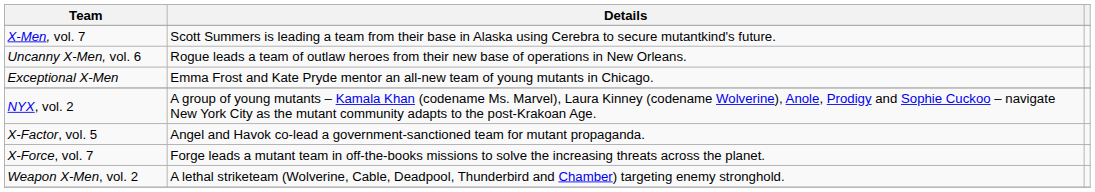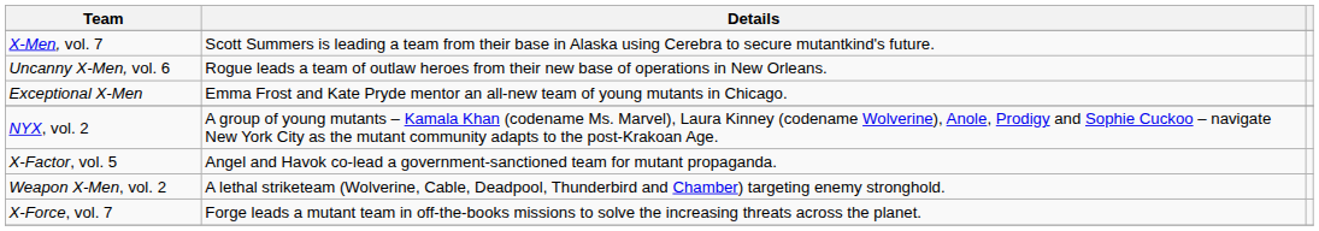 <table class="wikitable sortable" style="margins:auto; width=95%; font-size: 95%;">
 <tr>
 <th width="15%">Team</th>
 <th>Details</th>
 <th></th>
 </tr>
 <tr>
 </tr>
 <tr>
 <td><em><a href='#'>X-Men</a>,</em> vol. 7</td>
 <td>Scott Summers is leading a team from their base in Alaska using Cerebra to secure mutantkind's future.</td>
 <td></td>
 </tr>
 <tr>
 <td><em>Uncanny X-Men,</em> vol. 6</td>
 <td>Rogue leads a team of outlaw heroes from their new base of operations in New Orleans.</td>
 <td></td>
 </tr>
 <tr>
 <td><em>Exceptional X-Men</em></td>
 <td>Emma Frost and Kate Pryde mentor an all-new team of young mutants in Chicago.</td>
 <td></td>
 </tr>
 <tr>
 </tr>
 <tr>
 <td><em><a href='#'>NYX</a></em>, vol. 2</td>
 <td>A group of young mutants – <a href='#'>Kamala Khan</a> (codename Ms. Marvel), Laura Kinney (codename <a href='#'>Wolverine</a>), <a href='#'>Anole</a>, <a href='#'>Prodigy</a> and <a href='#'>Sophie Cuckoo</a> – navigate New York City as the mutant community adapts to the post-Krakoan Age.</td>
 <td></td>
 </tr>
 <tr>
 <td><em>X-Factor</em>, vol. 5</td>
 <td>Angel and Havok co-lead a government-sanctioned team for mutant propaganda.</td>
 <td></td>
 </tr>
 <tr>
+<td><em>Weapon X-Men</em>, vol. 2</td>
+<td>A lethal striketeam (Wolverine, Cable, Deadpool, Thunderbird and <a href='#'>Chamber</a>) targeting enemy stronghold.</td>
+<td></td>
+</tr>
+<tr>
 <td><em>X-Force</em>, vol. 7</td>
 <td>Forge leads a mutant team in off-the-books missions to solve the increasing threats across the planet.</td>
 <td></td>
 </tr>
 <tr>
-<td><em>Weapon X-Men</em>, vol. 2</td>
-<td>A lethal striketeam (Wolverine, Cable, Deadpool, Thunderbird and <a href='#'>Chamber</a>) targeting enemy stronghold.</td>
-<td></td>
-</tr>
-<tr>
 </tr>
 </table>
